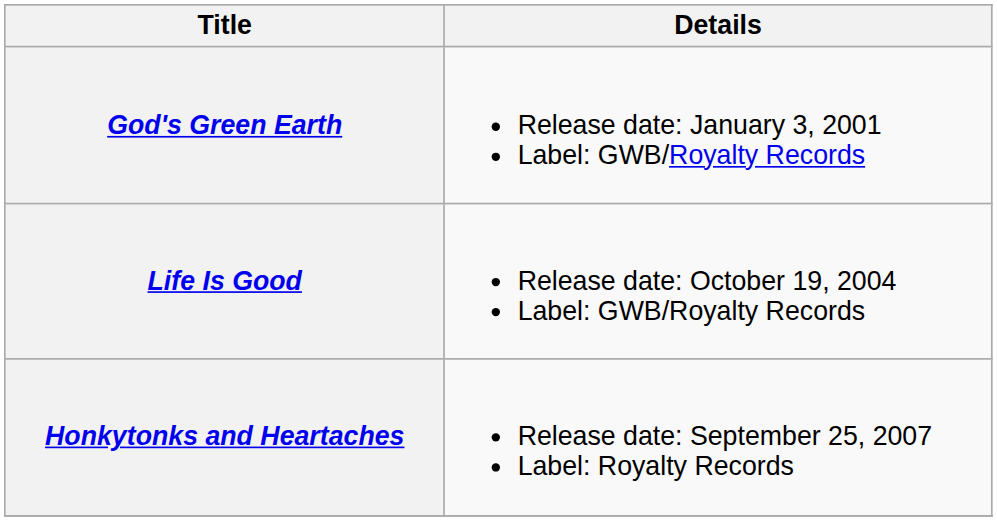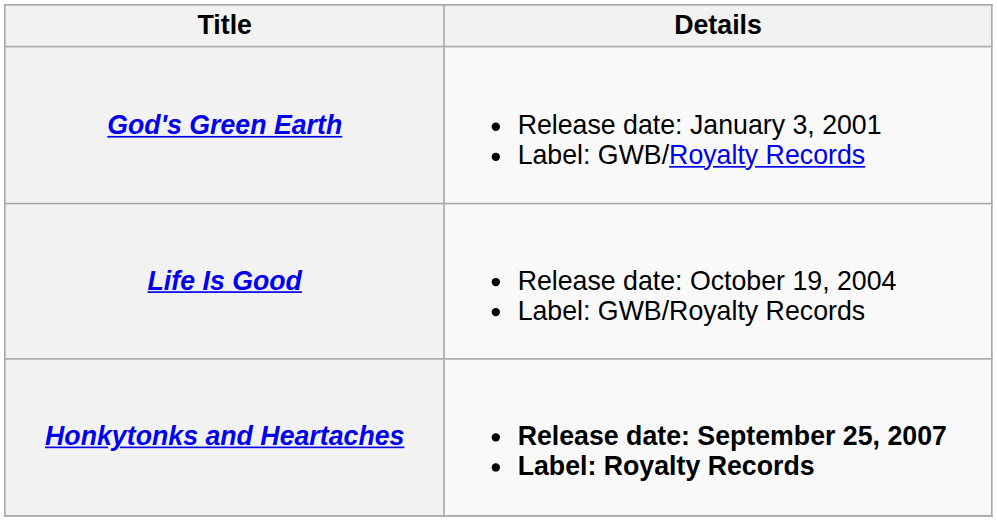 <table class="wikitable plainrowheaders">
 <tr>
 <th style="width:16em;">Title</th>
 <th style="width:20em;">Details</th>
 </tr>
 <tr>
 <th scope="row"><em><a href='#'>God's Green Earth</a></em></th>
 <td><br><ul><li>Release date: January 3, 2001</li><li>Label: GWB/<a href='#'>Royalty Records</a></li></ul></td>
 </tr>
 <tr>
 <th scope="row"><em><a href='#'>Life Is Good</a></em></th>
 <td><br><ul><li>Release date: October 19, 2004</li><li>Label: GWB/Royalty Records</li></ul></td>
 </tr>
 <tr>
 <th scope="row"><em><a href='#'>Honkytonks and Heartaches</a></em></th>
-<td><br><ul><li>Release date: September 25, 2007</li><li>Label: Royalty Records</li></ul></td>
+<td><strong><br><ul><li>Release date: September 25, 2007</li><li>Label: Royalty Records</li></ul></strong></td>
 </tr>
 <tr>
 </tr>
 </table>
